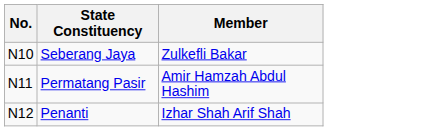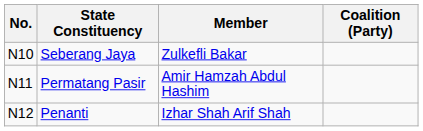 <table class="wikitable">
 <tr>
 <th width="30">No.</th>
 <th width="130">State Constituency</th>
 <th width="180">Member</th>
+<th width="100">Coalition (Party)</th>
 </tr>
 <tr>
 <td>N10</td>
 <td><a href='#'>Seberang Jaya</a></td>
 <td><a href='#'>Zulkefli Bakar</a></td>
+<td></td>
 </tr>
 <tr>
 <td>N11</td>
 <td><a href='#'>Permatang Pasir</a></td>
 <td><a href='#'>Amir Hamzah Abdul Hashim</a></td>
+<td></td>
 </tr>
 <tr>
 <td>N12</td>
 <td><a href='#'>Penanti</a></td>
 <td><a href='#'>Izhar Shah Arif Shah</a></td>
+<td></td>
 </tr>
 </table>
